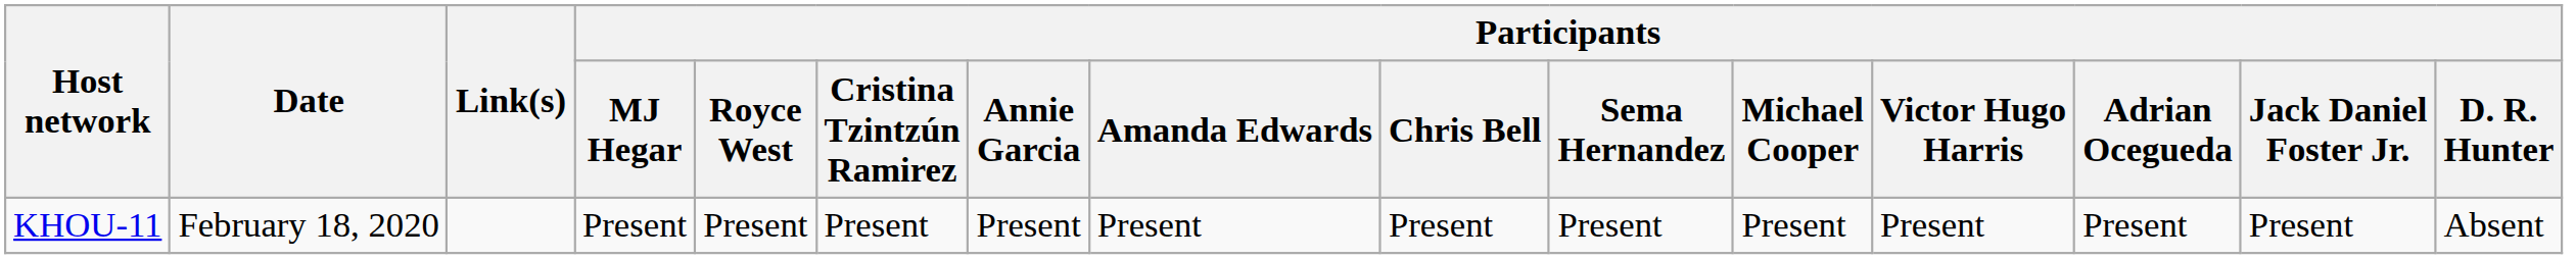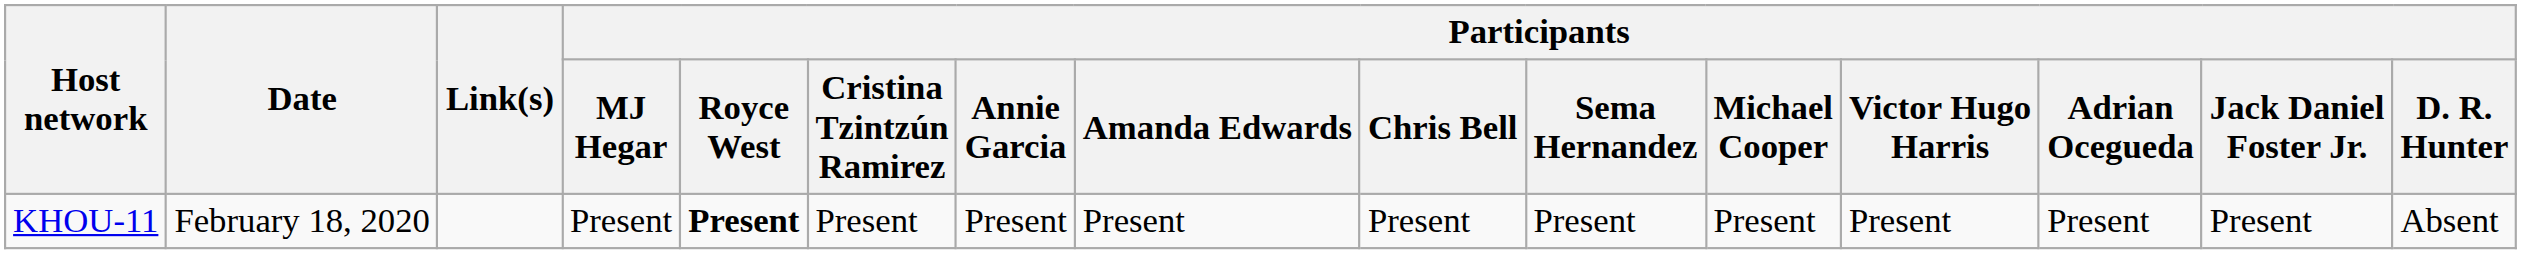 <table class="wikitable">
 <tr>
 <th rowspan="2">Host<br>network</th>
 <th rowspan="2">Date</th>
 <th rowspan="2">Link(s)</th>
 <th colspan="12">Participants</th>
 </tr>
 <tr>
 <th>MJ<br>Hegar</th>
 <th>Royce<br>West</th>
 <th>Cristina<br>Tzintzún<br>Ramirez</th>
 <th>Annie<br>Garcia</th>
 <th>Amanda Edwards</th>
 <th>Chris Bell</th>
 <th>Sema<br>Hernandez</th>
 <th>Michael<br>Cooper</th>
 <th>Victor Hugo<br>Harris</th>
 <th>Adrian<br>Ocegueda</th>
 <th>Jack Daniel<br>Foster Jr.</th>
 <th>D. R.<br>Hunter</th>
 </tr>
 <tr>
 <td align="center"><a href='#'>KHOU-11</a></td>
 <td align="center">February 18, 2020</td>
 <td align="center"></td>
 <td align="center">Present</td>
-<td align="center">Present</td>
+<td align="center"><strong>Present</strong></td>
 <td>Present</td>
 <td>Present</td>
 <td>Present</td>
 <td>Present</td>
 <td>Present</td>
 <td>Present</td>
 <td>Present</td>
 <td>Present</td>
 <td>Present</td>
 <td>Absent</td>
 </tr>
 </table>
